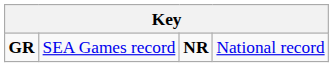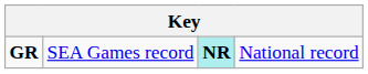 <table class="wikitable" style="font-size:95%; position:relative;">
 <tr>
 <th colspan=4>Key</th>
 </tr>
 <tr>
 <td align=center><strong>GR</strong></td>
 <td><a href='#'>SEA Games record</a></td>
-<td align=center><strong>NR</strong></td>
+<td align=center style="background: paleturquoise;"><strong>NR</strong></td>
 <td><a href='#'>National record</a></td>
 </tr>
 </table>
